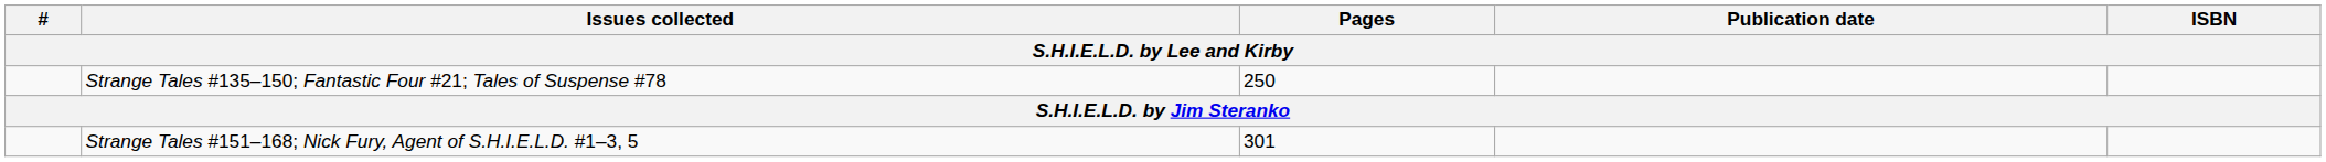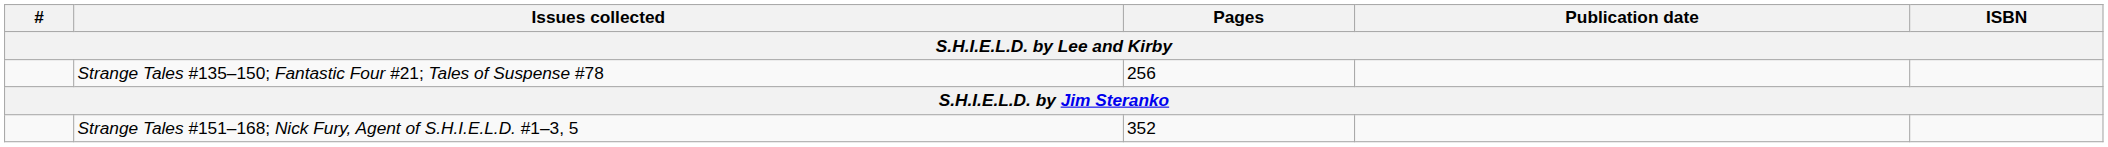 <table class="wikitable sortable" width=98%>
 <tr>
 <th class="unsortable">#</th>
 <th class="unsortable" width="50%">Issues collected</th>
 <th>Pages</th>
 <th>Publication date</th>
 <th class="unsortable">ISBN</th>
 </tr>
 <tr>
 <th colspan="5"><strong><em>S.H.I.E.L.D. by Lee and Kirby</em></strong></th>
 </tr>
 <tr>
 <td></td>
 <td><em>Strange Tales</em> #135–150; <em>Fantastic Four</em> #21; <em>Tales of Suspense</em> #78</td>
-<td>250</td>
+<td>256</td>
 <td></td>
 <td></td>
 </tr>
 <tr>
 <th colspan="5"><strong><em>S.H.I.E.L.D. by <a href='#'>Jim Steranko</a></em></strong></th>
 </tr>
 <tr>
 <td></td>
 <td><em>Strange Tales</em> #151–168; <em>Nick Fury, Agent of S.H.I.E.L.D.</em> #1–3, 5</td>
-<td>301</td>
+<td>352</td>
 <td></td>
 <td></td>
 </tr>
 </table>
